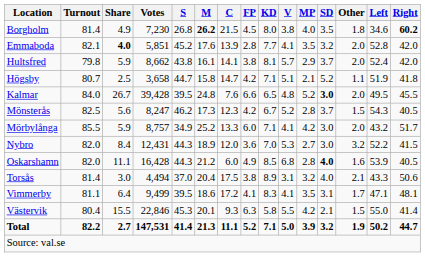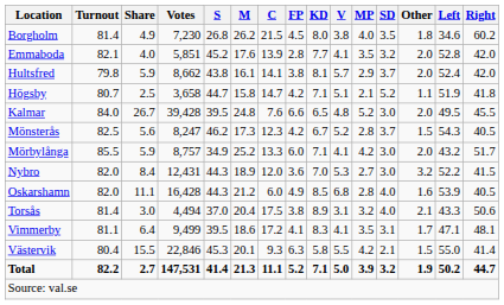 <table class="wikitable sortable" style=text-align:right>
 <tr>
 <th>Location</th>
 <th>Turnout</th>
 <th>Share</th>
 <th>Votes</th>
 <th><a href='#'>S</a></th>
 <th><a href='#'>M</a></th>
 <th><a href='#'>C</a></th>
 <th><a href='#'>FP</a></th>
 <th><a href='#'>KD</a></th>
 <th><a href='#'>V</a></th>
 <th><a href='#'>MP</a></th>
 <th><a href='#'>SD</a></th>
 <th>Other</th>
 <th><a href='#'>Left</a></th>
 <th><a href='#'>Right</a></th>
 </tr>
 <tr>
 <td align=left><a href='#'>Borgholm</a></td>
 <td>81.4</td>
 <td>4.9</td>
 <td>7,230</td>
 <td>26.8</td>
-<td><strong>26.2</strong></td>
+<td>26.2</td>
 <td>21.5</td>
 <td>4.5</td>
 <td>8.0</td>
 <td>3.8</td>
 <td>4.0</td>
 <td>3.5</td>
 <td>1.8</td>
 <td>34.6</td>
-<td><strong>60.2</strong></td>
+<td>60.2</td>
 </tr>
 <tr>
 <td align=left><a href='#'>Emmaboda</a></td>
 <td>82.1</td>
-<td><strong>4.0</strong></td>
+<td>4.0</td>
 <td>5,851</td>
 <td>45.2</td>
 <td>17.6</td>
 <td>13.9</td>
 <td>2.8</td>
 <td>7.7</td>
 <td>4.1</td>
 <td>3.5</td>
 <td>3.2</td>
 <td>2.0</td>
 <td>52.8</td>
 <td>42.0</td>
 </tr>
 <tr>
 <td align=left><a href='#'>Hultsfred</a></td>
 <td>79.8</td>
 <td>5.9</td>
 <td>8,662</td>
 <td>43.8</td>
 <td>16.1</td>
 <td>14.1</td>
 <td>3.8</td>
 <td>8.1</td>
 <td>5.7</td>
 <td>2.9</td>
 <td>3.7</td>
 <td>2.0</td>
 <td>52.4</td>
 <td>42.0</td>
 </tr>
 <tr>
 <td align=left><a href='#'>Högsby</a></td>
 <td>80.7</td>
 <td>2.5</td>
 <td>3,658</td>
 <td>44.7</td>
 <td>15.8</td>
 <td>14.7</td>
 <td>4.2</td>
 <td>7.1</td>
 <td>5.1</td>
 <td>2.1</td>
 <td>5.2</td>
 <td>1.1</td>
 <td>51.9</td>
 <td>41.8</td>
 </tr>
 <tr>
 <td align=left><a href='#'>Kalmar</a></td>
 <td>84.0</td>
 <td>26.7</td>
 <td>39,428</td>
 <td>39.5</td>
 <td>24.8</td>
 <td>7.6</td>
 <td>6.6</td>
 <td>6.5</td>
 <td>4.8</td>
 <td>5.2</td>
-<td><strong>3.0</strong></td>
+<td>3.0</td>
 <td>2.0</td>
 <td>49.5</td>
 <td>45.5</td>
 </tr>
 <tr>
 <td align=left><a href='#'>Mönsterås</a></td>
 <td>82.5</td>
 <td>5.6</td>
 <td>8,247</td>
 <td>46.2</td>
 <td>17.3</td>
 <td>12.3</td>
 <td>4.2</td>
 <td>6.7</td>
 <td>5.2</td>
 <td>2.8</td>
 <td>3.7</td>
 <td>1.5</td>
 <td>54.3</td>
 <td>40.5</td>
 </tr>
 <tr>
 <td align=left><a href='#'>Mörbylånga</a></td>
 <td>85.5</td>
 <td>5.9</td>
 <td>8,757</td>
 <td>34.9</td>
 <td>25.2</td>
 <td>13.3</td>
 <td>6.0</td>
 <td>7.1</td>
 <td>4.1</td>
 <td>4.2</td>
 <td>3.0</td>
 <td>2.0</td>
 <td>43.2</td>
 <td>51.7</td>
 </tr>
 <tr>
 <td align=left><a href='#'>Nybro</a></td>
 <td>82.0</td>
 <td>8.4</td>
 <td>12,431</td>
 <td>44.3</td>
 <td>18.9</td>
 <td>12.0</td>
 <td>3.6</td>
 <td>7.0</td>
 <td>5.3</td>
 <td>2.7</td>
 <td>3.0</td>
 <td>3.2</td>
 <td>52.2</td>
 <td>41.5</td>
 </tr>
 <tr>
 <td align=left><a href='#'>Oskarshamn</a></td>
 <td>82.0</td>
 <td>11.1</td>
 <td>16,428</td>
 <td>44.3</td>
 <td>21.2</td>
 <td>6.0</td>
 <td>4.9</td>
 <td>8.5</td>
 <td>6.8</td>
 <td>2.8</td>
-<td><strong>4.0</strong></td>
+<td>4.0</td>
 <td>1.6</td>
 <td>53.9</td>
 <td>40.5</td>
 </tr>
 <tr>
 <td align=left><a href='#'>Torsås</a></td>
 <td>81.4</td>
 <td>3.0</td>
 <td>4,494</td>
 <td>37.0</td>
 <td>20.4</td>
 <td>17.5</td>
 <td>3.8</td>
 <td>8.9</td>
 <td>3.1</td>
 <td>3.2</td>
 <td>4.0</td>
 <td>2.1</td>
 <td>43.3</td>
 <td>50.6</td>
 </tr>
 <tr>
 <td align=left><a href='#'>Vimmerby</a></td>
 <td>81.1</td>
 <td>6.4</td>
 <td>9,499</td>
 <td>39.5</td>
 <td>18.6</td>
 <td>17.2</td>
 <td>4.1</td>
 <td>8.3</td>
 <td>4.1</td>
 <td>3.5</td>
 <td>3.1</td>
 <td>1.7</td>
 <td>47.1</td>
 <td>48.1</td>
 </tr>
 <tr>
 <td align=left><a href='#'>Västervik</a></td>
 <td>80.4</td>
 <td>15.5</td>
 <td>22,846</td>
 <td>45.3</td>
 <td>20.1</td>
 <td>9.3</td>
 <td>6.3</td>
 <td>5.8</td>
 <td>5.5</td>
 <td>4.2</td>
 <td>2.1</td>
 <td>1.5</td>
 <td>55.0</td>
 <td>41.4</td>
 </tr>
 <tr>
 <td align=left><strong>Total</strong></td>
 <td><strong>82.2</strong></td>
 <td><strong>2.7</strong></td>
 <td><strong>147,531</strong></td>
 <td><strong>41.4</strong></td>
 <td><strong>21.3</strong></td>
 <td><strong>11.1</strong></td>
 <td><strong>5.2</strong></td>
 <td><strong>7.1</strong></td>
 <td><strong>5.0</strong></td>
 <td><strong>3.9</strong></td>
 <td><strong>3.2</strong></td>
 <td><strong>1.9</strong></td>
 <td><strong>50.2</strong></td>
 <td><strong>44.7</strong></td>
 </tr>
 <tr>
 <td align=left colspan=15>Source: val.se </td>
 </tr>
 </table>
